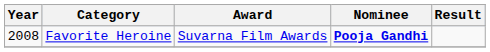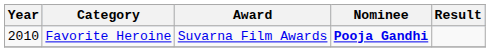 <table class="wikitable">
 <tr style="background:#B0C4DE;">
 <th scope="col">Year</th>
 <th scope="col">Category</th>
 <th scope="col">Award</th>
 <th scope="col">Nominee</th>
 <th scope="col">Result</th>
 </tr>
 <tr>
-<td>2008</td>
+<td>2010</td>
 <td><a href='#'>Favorite Heroine</a></td>
 <td><a href='#'>Suvarna Film Awards</a></td>
 <td><strong><a href='#'>Pooja Gandhi</a></strong></td>
 <td></td>
 </tr>
 <tr>
 </tr>
 </table>
